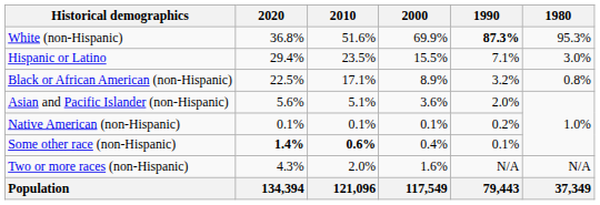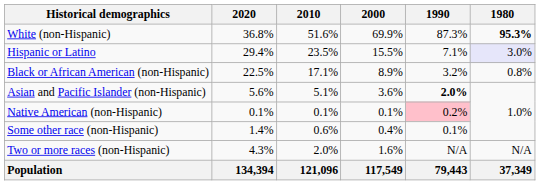 <table class="wikitable sortable collapsible mw-collapsed" style="font-size: 90%; text-align: right;">
 <tr>
 <th>Historical demographics</th>
 <th style="width: 5em;">2020</th>
 <th style="width: 5em;">2010</th>
 <th style="width: 5em;">2000</th>
 <th style="width: 5em;">1990</th>
 <th style="width: 5em;">1980</th>
 </tr>
 <tr>
 <td style="text-align:left"><a href='#'>White</a> (non-Hispanic)</td>
 <td>36.8%</td>
 <td>51.6%</td>
 <td>69.9%</td>
-<td><strong>87.3%</strong></td>
-<td>95.3%</td>
+<td>87.3%</td>
+<td><strong>95.3%</strong></td>
 </tr>
 <tr>
 <td style="text-align:left"><a href='#'>Hispanic or Latino</a></td>
 <td>29.4%</td>
 <td>23.5%</td>
 <td>15.5%</td>
 <td>7.1%</td>
-<td>3.0%</td>
+<td style="background: lavender;">3.0%</td>
 </tr>
 <tr>
 <td style="text-align:left"><a href='#'>Black or African American</a> (non-Hispanic)</td>
 <td>22.5%</td>
 <td>17.1%</td>
 <td>8.9%</td>
 <td>3.2%</td>
 <td>0.8%</td>
 </tr>
 <tr>
 <td style="text-align:left"><a href='#'>Asian</a> and <a href='#'>Pacific Islander</a> (non-Hispanic)</td>
 <td>5.6%</td>
 <td>5.1%</td>
 <td>3.6%</td>
-<td>2.0%</td>
+<td><strong>2.0%</strong></td>
 <td rowspan="3">1.0%</td>
 </tr>
 <tr>
 <td style="text-align:left"><a href='#'>Native American</a> (non-Hispanic)</td>
 <td>0.1%</td>
 <td>0.1%</td>
 <td>0.1%</td>
-<td>0.2%</td>
+<td style="background: pink;">0.2%</td>
 </tr>
 <tr>
 <td style="text-align:left"><a href='#'>Some other race</a> (non-Hispanic)</td>
-<td><strong>1.4%</strong></td>
-<td><strong>0.6%</strong></td>
+<td>1.4%</td>
+<td>0.6%</td>
 <td>0.4%</td>
 <td>0.1%</td>
 </tr>
 <tr>
 <td style="text-align:left"><a href='#'>Two or more races</a> (non-Hispanic)</td>
 <td>4.3%</td>
 <td>2.0%</td>
 <td>1.6%</td>
 <td>N/A</td>
 <td>N/A</td>
 </tr>
 <tr>
 <th style="text-align:left">Population</th>
 <th style="text-align:right">134,394</th>
 <th style="text-align:right">121,096</th>
 <th style="text-align:right">117,549</th>
 <th style="text-align:right">79,443</th>
 <th style="text-align:right">37,349</th>
 </tr>
 </table>
